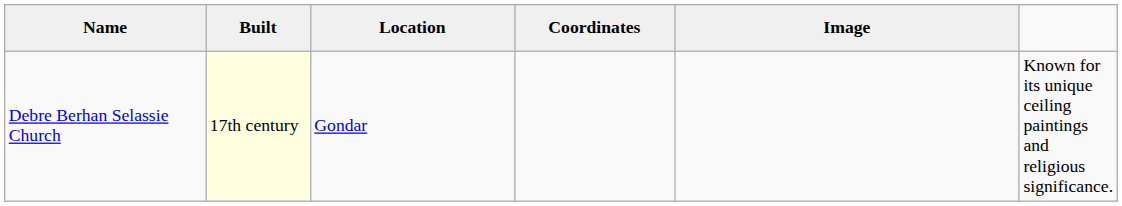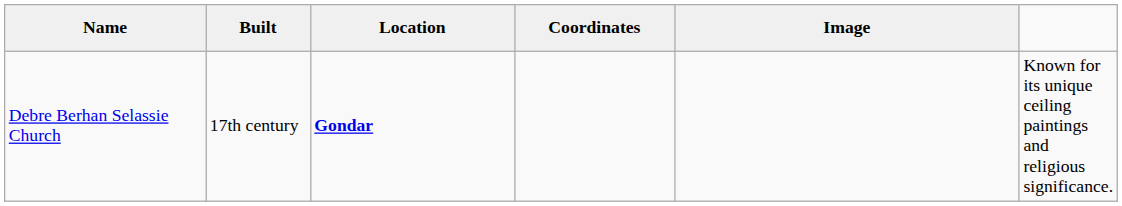 <table class="wikitable" style="width:100%; border-collapse:collapse; text-align:left; font-size:14px; margin-bottom:20px;">
 <tr>
 <th style="padding:10px; background-color:#f0f0f0; width:20%;">Name</th>
 <th style="padding:10px; background-color:#f0f0f0; width:10%;">Built</th>
 <th style="padding:10px; background-color:#f0f0f0; width:20%;">Location</th>
 <th style="padding:10px; background-color:#f0f0f0; width:15%;">Coordinates</th>
 <th style="padding:10px; background-color:#f0f0f0; width:35%;">Image</th>
 </tr>
 <tr>
 <td><a href='#'>Debre Berhan Selassie Church</a></td>
-<td style="background: lightyellow;">17th century</td>
-<td><a href='#'>Gondar</a></td>
+<td>17th century</td>
+<td><strong><a href='#'>Gondar</a></strong></td>
 <td></td>
 <td></td>
 <td>Known for its unique ceiling paintings and religious significance.</td>
 </tr>
 </table>
